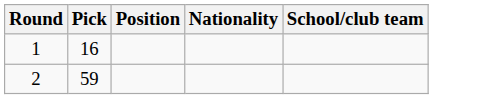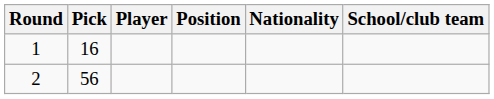 <table class="wikitable sortable sortable" style="text-align: center">
 <tr>
 <th>Round</th>
 <th>Pick</th>
+<th>Player</th>
 <th>Position</th>
 <th>Nationality</th>
 <th>School/club team</th>
 </tr>
 <tr style="text-align: center">
 <td>1</td>
 <td>16</td>
 <td></td>
 <td></td>
 <td></td>
+<td></td>
 </tr>
 <tr style="text-align: center">
 <td>2</td>
-<td>59</td>
+<td>56</td>
+<td></td>
 <td></td>
 <td></td>
 <td></td>
 </tr>
 </table>
